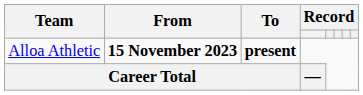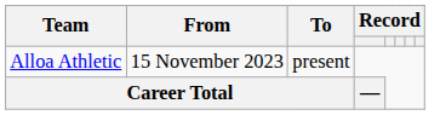 <table class="wikitable" style="text-align: center">
 <tr>
 <th rowspan="2">Team</th>
 <th rowspan="2">From</th>
 <th rowspan="2">To</th>
 <th colspan="5">Record</th>
 </tr>
 <tr>
 <th></th>
 <th></th>
 <th></th>
 <th></th>
 <th></th>
 </tr>
 <tr>
 <td align="center"><a href='#'>Alloa Athletic</a></td>
-<td align="center"><strong>15 November 2023</strong></td>
-<td align="center"><strong>present<br></strong></td>
+<td align="center">15 November 2023</td>
+<td align="center">present<br></td>
 </tr>
 <tr>
 <th colspan=3><strong>Career Total</strong><br></th>
 <th>—</th>
 </tr>
 </table>
